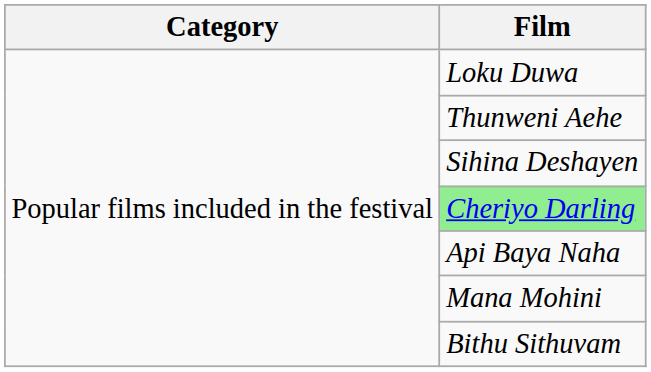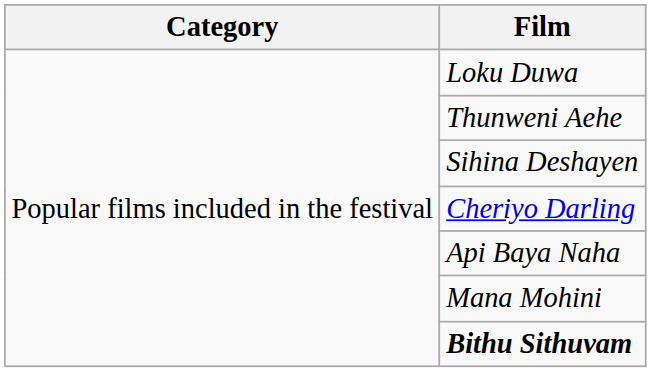 <table class="wikitable plainrowheaders sortable">
 <tr>
 <th scope="col">Category</th>
 <th scope="col">Film</th>
 </tr>
 <tr>
 <td rowspan=7>Popular films included in the festival</td>
 <td><em>Loku Duwa</em></td>
 </tr>
 <tr>
 <td><em>Thunweni Aehe</em></td>
 </tr>
 <tr>
 <td><em>Sihina Deshayen</em></td>
 </tr>
 <tr>
-<td style="background: lightgreen;"><em><a href='#'>Cheriyo Darling</a></em></td>
+<td><em><a href='#'>Cheriyo Darling</a></em></td>
 </tr>
 <tr>
 <td><em>Api Baya Naha</em></td>
 </tr>
 <tr>
 <td><em>Mana Mohini</em></td>
 </tr>
 <tr>
-<td><em>Bithu Sithuvam</em></td>
+<td><strong><em>Bithu Sithuvam</em></strong></td>
 </tr>
 </table>
